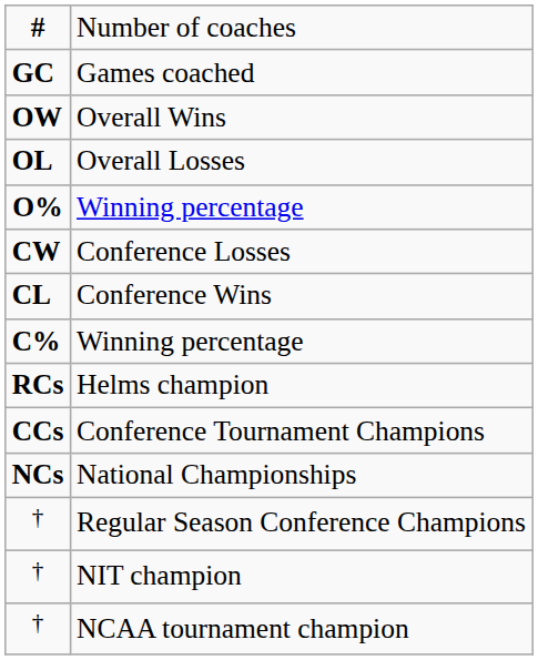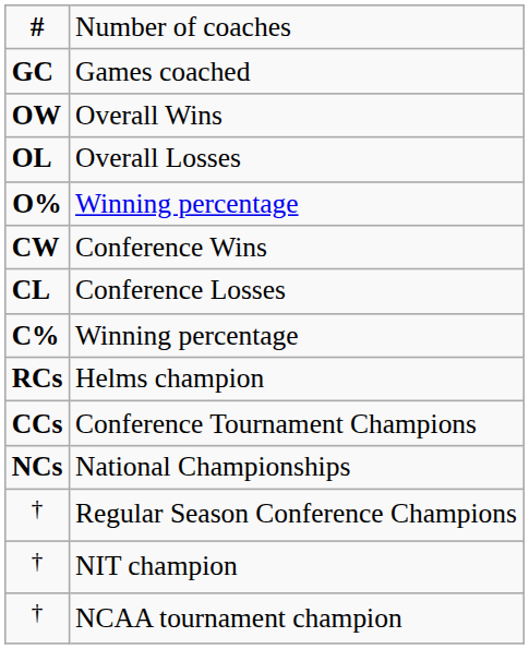 <table class="wikitable">
 <tr>
 <td align="center"><strong>#</strong></td>
 <td>Number of coaches</td>
 </tr>
 <tr>
 <td><strong>GC</strong></td>
 <td>Games coached</td>
 </tr>
 <tr>
 <td><strong>OW</strong></td>
 <td>Overall Wins</td>
 </tr>
 <tr>
 <td><strong>OL</strong></td>
 <td>Overall Losses</td>
 </tr>
 <tr>
 <td align="center"><strong>O%</strong></td>
 <td><a href='#'>Winning percentage</a></td>
 </tr>
 <tr>
 <td><strong>CW</strong></td>
-<td>Conference Losses</td>
+<td>Conference Wins</td>
 </tr>
 <tr>
 <td><strong>CL</strong></td>
-<td>Conference Wins</td>
+<td>Conference Losses</td>
 </tr>
 <tr>
 <td><strong>C%</strong></td>
 <td>Winning percentage</td>
 </tr>
 <tr>
 <td><strong>RCs</strong></td>
 <td>Helms champion</td>
 </tr>
 <tr>
 <td><strong>CCs</strong></td>
 <td>Conference Tournament Champions</td>
 </tr>
 <tr>
 <td><strong>NCs</strong></td>
 <td>National Championships</td>
 </tr>
 <tr>
 <td align="center"><sup>†</sup></td>
 <td>Regular Season Conference Champions</td>
 </tr>
 <tr>
 <td align="center"><sup>†</sup></td>
 <td>NIT champion</td>
 </tr>
 <tr>
 <td align="center"><sup>†</sup></td>
 <td>NCAA tournament champion</td>
 </tr>
 </table>
